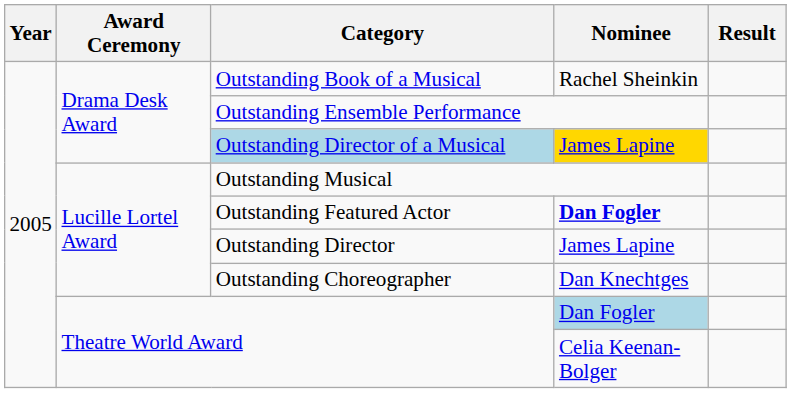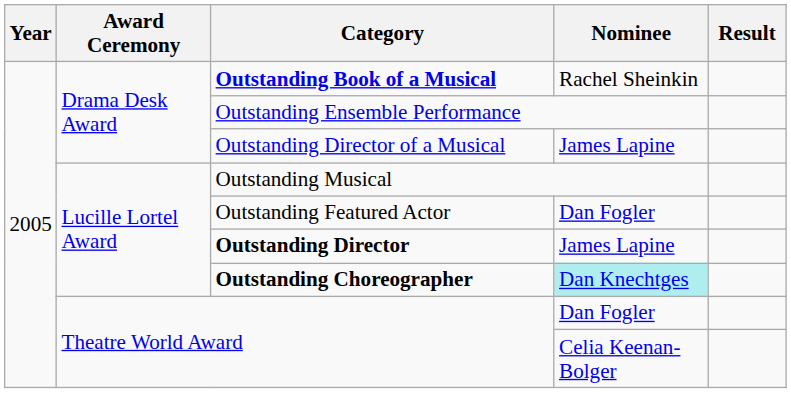 <table class="wikitable" style="width:95%;">
 <tr>
 <th style="width:5%;">Year</th>
 <th style="width:20%;">Award Ceremony</th>
 <th style="width:45%;">Category</th>
 <th style="width:20%;">Nominee</th>
 <th style="width:10%;">Result</th>
 </tr>
 <tr>
 <td rowspan="9" style="text-align:center;">2005</td>
 <td rowspan="3"><a href='#'>Drama Desk Award</a></td>
-<td><a href='#'>Outstanding Book of a Musical</a></td>
+<td><strong><a href='#'>Outstanding Book of a Musical</a></strong></td>
 <td>Rachel Sheinkin</td>
 <td></td>
 </tr>
 <tr>
 <td colspan="2"><a href='#'>Outstanding Ensemble Performance</a></td>
 <td></td>
 </tr>
 <tr>
-<td style="background: lightblue;"><a href='#'>Outstanding Director of a Musical</a></td>
-<td style="background: gold;"><a href='#'>James Lapine</a></td>
+<td><a href='#'>Outstanding Director of a Musical</a></td>
+<td><a href='#'>James Lapine</a></td>
 <td></td>
 </tr>
 <tr>
 <td rowspan="4"><a href='#'>Lucille Lortel Award</a></td>
 <td colspan="2">Outstanding Musical</td>
 <td></td>
 </tr>
 <tr>
 <td>Outstanding Featured Actor</td>
-<td><strong><a href='#'>Dan Fogler</a></strong></td>
+<td><a href='#'>Dan Fogler</a></td>
 <td></td>
 </tr>
 <tr>
-<td>Outstanding Director</td>
+<td><strong>Outstanding Director</strong></td>
 <td><a href='#'>James Lapine</a></td>
 <td></td>
 </tr>
 <tr>
-<td>Outstanding Choreographer</td>
-<td><a href='#'>Dan Knechtges</a></td>
+<td><strong>Outstanding Choreographer</strong></td>
+<td style="background: paleturquoise;"><a href='#'>Dan Knechtges</a></td>
 <td></td>
 </tr>
 <tr>
 <td rowspan="2" colspan="2"><a href='#'>Theatre World Award</a></td>
-<td style="background: lightblue;"><a href='#'>Dan Fogler</a></td>
+<td><a href='#'>Dan Fogler</a></td>
 <td></td>
 </tr>
 <tr>
 <td><a href='#'>Celia Keenan-Bolger</a></td>
 <td></td>
 </tr>
 </table>
